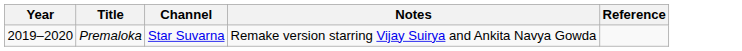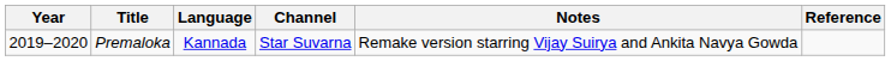 <table class="wikitable" style="text-align:center;">
 <tr>
 <th>Year</th>
 <th>Title</th>
+<th>Language</th>
 <th>Channel</th>
 <th>Notes</th>
 <th>Reference</th>
 </tr>
 <tr>
 <td>2019–2020</td>
 <td><em>Premaloka</em></td>
+<td><a href='#'>Kannada</a></td>
 <td><a href='#'>Star Suvarna</a></td>
 <td>Remake version starring <a href='#'>Vijay Suirya</a> and Ankita Navya Gowda</td>
 <td></td>
 </tr>
 </table>
